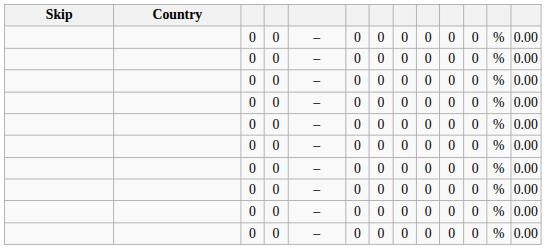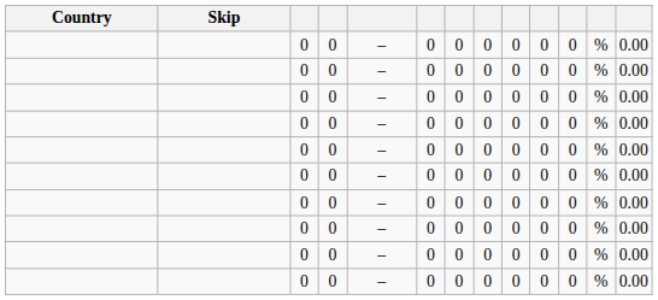 <table class=wikitable style="text-align:center;">
 <tr>
+<th width=140>Country</th>
 <th width=120>Skip</th>
-<th width=140>Country</th>
 <th width=20></th>
 <th width=20></th>
 <th width=60></th>
 <th width=20></th>
 <th width=20></th>
 <th width=20></th>
 <th width=20></th>
 <th width=20></th>
 <th width=20></th>
 <th width=20></th>
 <th width=20></th>
 </tr>
 <tr>
 <td style="text-align:left;"></td>
 <td style="text-align:left;"></td>
 <td>0</td>
 <td>0</td>
 <td>–</td>
 <td>0</td>
 <td>0</td>
 <td>0</td>
 <td>0</td>
 <td>0</td>
 <td>0</td>
 <td>%</td>
 <td>0.00</td>
 </tr>
 <tr>
 <td style="text-align:left;"></td>
 <td style="text-align:left;"></td>
 <td>0</td>
 <td>0</td>
 <td>–</td>
 <td>0</td>
 <td>0</td>
 <td>0</td>
 <td>0</td>
 <td>0</td>
 <td>0</td>
 <td>%</td>
 <td>0.00</td>
 </tr>
 <tr>
 <td style="text-align:left;"></td>
 <td style="text-align:left;"></td>
 <td>0</td>
 <td>0</td>
 <td>–</td>
 <td>0</td>
 <td>0</td>
 <td>0</td>
 <td>0</td>
 <td>0</td>
 <td>0</td>
 <td>%</td>
 <td>0.00</td>
 </tr>
 <tr>
 <td style="text-align:left;"></td>
 <td style="text-align:left;"></td>
 <td>0</td>
 <td>0</td>
 <td>–</td>
 <td>0</td>
 <td>0</td>
 <td>0</td>
 <td>0</td>
 <td>0</td>
 <td>0</td>
 <td>%</td>
 <td>0.00</td>
 </tr>
 <tr>
 <td style="text-align:left;"></td>
 <td style="text-align:left;"></td>
 <td>0</td>
 <td>0</td>
 <td>–</td>
 <td>0</td>
 <td>0</td>
 <td>0</td>
 <td>0</td>
 <td>0</td>
 <td>0</td>
 <td>%</td>
 <td>0.00</td>
 </tr>
 <tr>
 <td style="text-align:left;"></td>
 <td style="text-align:left;"></td>
 <td>0</td>
 <td>0</td>
 <td>–</td>
 <td>0</td>
 <td>0</td>
 <td>0</td>
 <td>0</td>
 <td>0</td>
 <td>0</td>
 <td>%</td>
 <td>0.00</td>
 </tr>
 <tr>
 <td style="text-align:left;"></td>
 <td style="text-align:left;"></td>
 <td>0</td>
 <td>0</td>
 <td>–</td>
 <td>0</td>
 <td>0</td>
 <td>0</td>
 <td>0</td>
 <td>0</td>
 <td>0</td>
 <td>%</td>
 <td>0.00</td>
 </tr>
 <tr>
 <td style="text-align:left;"></td>
 <td style="text-align:left;"></td>
 <td>0</td>
 <td>0</td>
 <td>–</td>
 <td>0</td>
 <td>0</td>
 <td>0</td>
 <td>0</td>
 <td>0</td>
 <td>0</td>
 <td>%</td>
 <td>0.00</td>
 </tr>
 <tr>
 <td style="text-align:left;"></td>
 <td style="text-align:left;"></td>
 <td>0</td>
 <td>0</td>
 <td>–</td>
 <td>0</td>
 <td>0</td>
 <td>0</td>
 <td>0</td>
 <td>0</td>
 <td>0</td>
 <td>%</td>
 <td>0.00</td>
 </tr>
 <tr>
 <td style="text-align:left;"></td>
 <td style="text-align:left;"></td>
 <td>0</td>
 <td>0</td>
 <td>–</td>
 <td>0</td>
 <td>0</td>
 <td>0</td>
 <td>0</td>
 <td>0</td>
 <td>0</td>
 <td>%</td>
 <td>0.00</td>
 </tr>
 </table>
